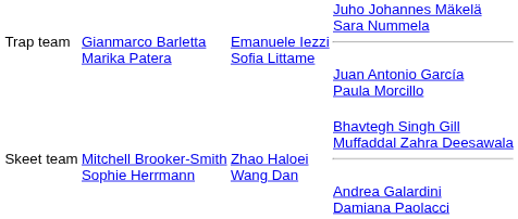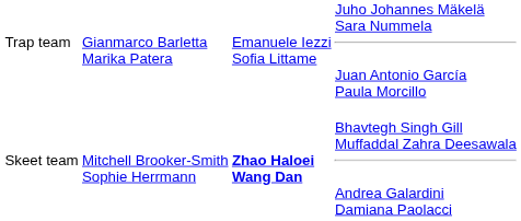 <table>
 <tr>
 <td>Trap team</td>
 <td><br><a href='#'>Gianmarco Barletta</a><br><a href='#'>Marika Patera</a></td>
 <td><br><a href='#'>Emanuele Iezzi</a><br><a href='#'>Sofia Littame</a></td>
 <td><br><a href='#'>Juho Johannes Mäkelä</a><br><a href='#'>Sara Nummela</a><hr><br><a href='#'>Juan Antonio García</a><br><a href='#'>Paula Morcillo</a></td>
 </tr>
 <tr>
 <td>Skeet team<br></td>
 <td><br><a href='#'>Mitchell Brooker-Smith</a><br><a href='#'>Sophie Herrmann</a></td>
-<td><br><a href='#'>Zhao Haloei</a><br><a href='#'>Wang Dan</a></td>
+<td><strong><br><a href='#'>Zhao Haloei</a><br><a href='#'>Wang Dan</a></strong></td>
 <td><br><a href='#'>Bhavtegh Singh Gill</a><br><a href='#'>Muffaddal Zahra Deesawala</a><hr><br><a href='#'>Andrea Galardini</a><br><a href='#'>Damiana Paolacci</a></td>
 </tr>
 </table>
